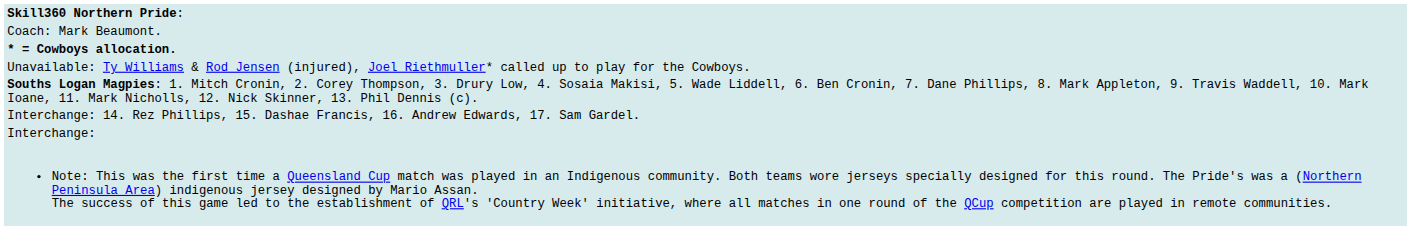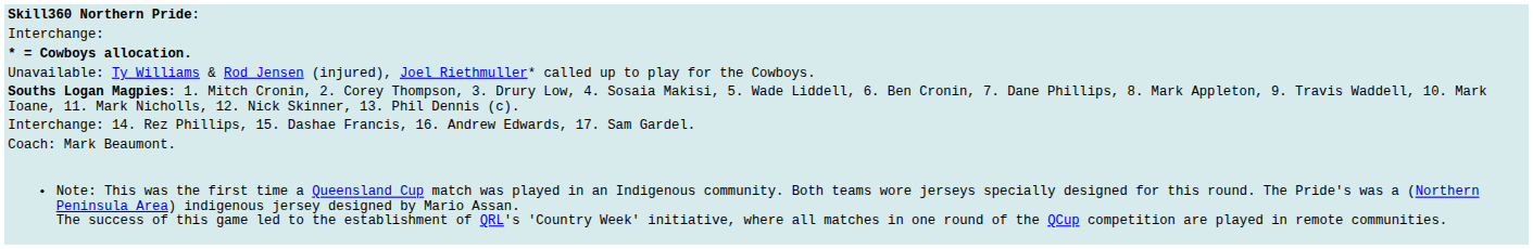 <table style="background:#d7ebed; font-size:85%; width:100%;">
 <tr>
 <td><strong>Skill360 Northern Pride</strong>:             </td>
 </tr>
 <tr>
-<td>Coach: Mark Beaumont.</td>
+<td>Interchange:    </td>
 </tr>
 <tr>
 <td><strong>* = Cowboys allocation.</strong></td>
 </tr>
 <tr>
 <td>Unavailable: <a href='#'>Ty Williams</a> & <a href='#'>Rod Jensen</a> (injured), <a href='#'>Joel Riethmuller</a>* called up to play for the Cowboys.</td>
 </tr>
 <tr>
 <td><strong>Souths Logan Magpies</strong>: 1. Mitch Cronin, 2. Corey Thompson, 3. Drury Low, 4. Sosaia Makisi, 5. Wade Liddell, 6. Ben Cronin, 7. Dane Phillips, 8. Mark Appleton, 9. Travis Waddell, 10. Mark Ioane, 11. Mark Nicholls, 12. Nick Skinner, 13. Phil Dennis (c).</td>
 </tr>
 <tr>
 <td>Interchange: 14. Rez Phillips, 15. Dashae Francis, 16. Andrew Edwards, 17. Sam Gardel.</td>
 </tr>
 <tr>
-<td>Interchange:    </td>
+<td>Coach: Mark Beaumont.</td>
 </tr>
 <tr>
 <td><br><ul><li>Note: This was the first time a <a href='#'>Queensland Cup</a> match was played in an Indigenous community. Both teams wore jerseys specially designed for this round. The Pride's was a (<a href='#'>Northern Peninsula Area</a>) indigenous jersey designed by Mario Assan.<br>The success of this game led to the establishment of <a href='#'>QRL</a>'s 'Country Week' initiative, where all matches in one round of the <a href='#'>QCup</a> competition are played in remote communities.</li></ul></td>
 </tr>
 </table>
